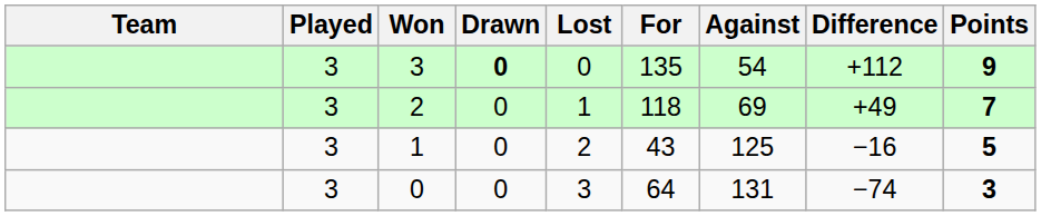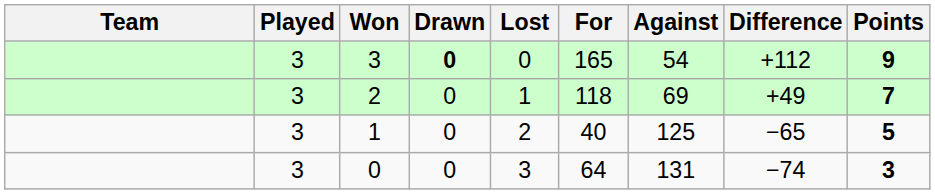 <table class="wikitable">
 <tr>
 <th width=165>Team</th>
 <th width=40>Played</th>
 <th width=40>Won</th>
 <th width=40>Drawn</th>
 <th width=40>Lost</th>
 <th width=40>For</th>
 <th width=40>Against</th>
 <th width=40>Difference</th>
 <th width=40>Points</th>
 </tr>
 <tr bgcolor=#ccffcc align=center>
 <td align=left></td>
 <td>3</td>
 <td>3</td>
 <td><strong>0</strong></td>
 <td>0</td>
-<td>135</td>
+<td>165</td>
 <td>54</td>
 <td>+112</td>
 <td><strong>9</strong></td>
 </tr>
 <tr bgcolor=#ccffcc align=center>
 <td align=left></td>
 <td>3</td>
 <td>2</td>
 <td>0</td>
 <td>1</td>
 <td>118</td>
 <td>69</td>
 <td>+49</td>
 <td><strong>7</strong></td>
 </tr>
 <tr align=center>
 <td align=left></td>
 <td>3</td>
 <td>1</td>
 <td>0</td>
 <td>2</td>
-<td>43</td>
+<td>40</td>
 <td>125</td>
-<td>−16</td>
+<td>−65</td>
 <td><strong>5</strong></td>
 </tr>
 <tr align=center>
 <td align=left></td>
 <td>3</td>
 <td>0</td>
 <td>0</td>
 <td>3</td>
 <td>64</td>
 <td>131</td>
 <td>−74</td>
 <td><strong>3</strong></td>
 </tr>
 </table>
